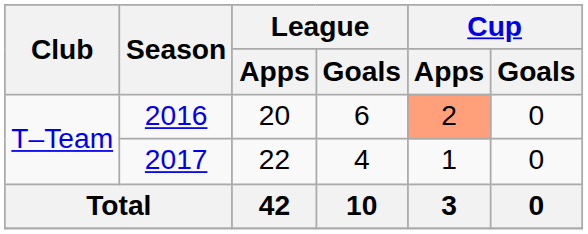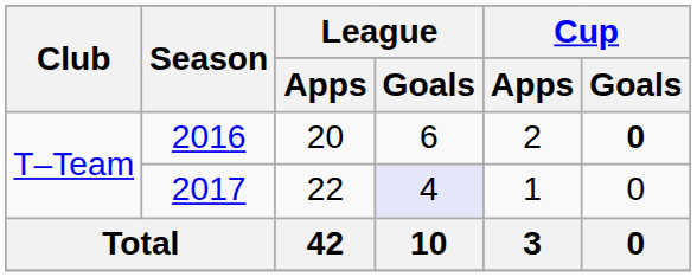 <table class="wikitable" style="text-align:center;">
 <tr>
 <th rowspan="2">Club</th>
 <th rowspan="2">Season</th>
 <th colspan="2">League</th>
 <th colspan="2"><a href='#'>Cup</a></th>
 </tr>
 <tr>
 <th>Apps</th>
 <th>Goals</th>
 <th>Apps</th>
 <th>Goals</th>
 </tr>
 <tr>
 <td rowspan=2><a href='#'>T–Team</a></td>
 <td><a href='#'>2016</a></td>
 <td>20</td>
 <td>6</td>
-<td style="background: lightsalmon;">2</td>
-<td>0</td>
+<td>2</td>
+<td><strong>0</strong></td>
 </tr>
 <tr>
 <td><a href='#'>2017</a></td>
 <td>22</td>
-<td>4</td>
+<td style="background: lavender;">4</td>
 <td>1</td>
 <td>0</td>
 </tr>
 <tr>
 <th colspan="2">Total</th>
 <th>42</th>
 <th>10</th>
 <th>3</th>
 <th>0</th>
 </tr>
 <tr>
 </tr>
 </table>
